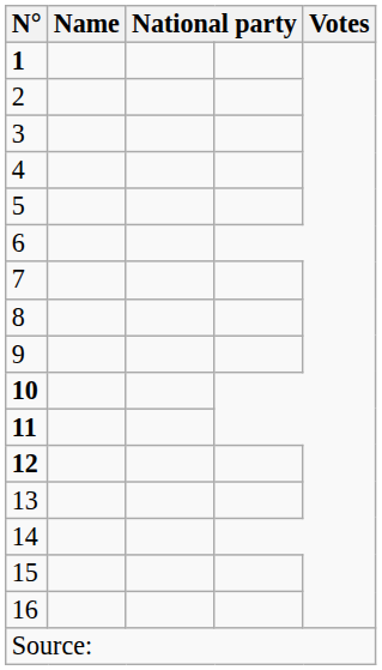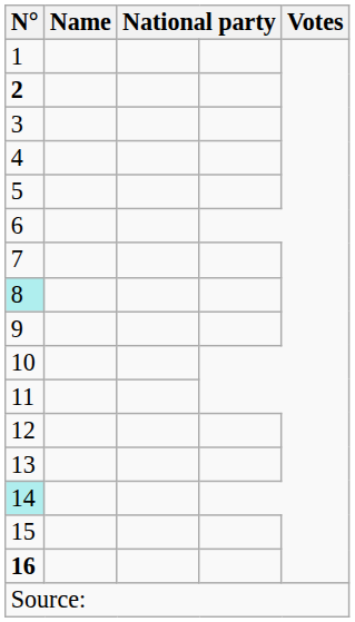 <table class="wikitable sortable" style="font-size:95%;line-height:14px;">
 <tr>
 <th>N°</th>
 <th>Name</th>
 <th colspan="2">National party</th>
 <th>Votes</th>
 </tr>
 <tr>
-<td><strong>1</strong></td>
+<td>1</td>
 <td></td>
 <td></td>
 <td></td>
 </tr>
 <tr>
-<td>2</td>
+<td><strong>2</strong></td>
 <td></td>
 <td></td>
 <td></td>
 </tr>
 <tr>
 <td>3</td>
 <td></td>
 <td></td>
 <td></td>
 </tr>
 <tr>
 <td>4</td>
 <td></td>
 <td></td>
 <td></td>
 </tr>
 <tr>
 <td>5</td>
 <td></td>
 <td></td>
 <td></td>
 </tr>
 <tr>
 <td>6</td>
 <td></td>
 <td></td>
 </tr>
 <tr>
 <td>7</td>
 <td></td>
 <td></td>
 <td></td>
 </tr>
 <tr>
-<td>8</td>
+<td style="background: paleturquoise;">8</td>
 <td></td>
 <td></td>
 <td></td>
 </tr>
 <tr>
 <td>9</td>
 <td></td>
 <td></td>
 <td></td>
 </tr>
 <tr>
-<td><strong>10</strong></td>
+<td>10</td>
 <td></td>
 <td></td>
 </tr>
 <tr>
-<td><strong>11</strong></td>
+<td>11</td>
 <td></td>
 <td></td>
 </tr>
 <tr>
-<td><strong>12</strong></td>
+<td>12</td>
 <td></td>
 <td></td>
 <td></td>
 </tr>
 <tr>
 <td>13</td>
 <td></td>
 <td></td>
 <td></td>
 </tr>
 <tr>
-<td>14</td>
+<td style="background: paleturquoise;">14</td>
 <td></td>
 <td></td>
 </tr>
 <tr>
 <td>15</td>
 <td></td>
 <td></td>
 <td></td>
 </tr>
 <tr>
-<td>16</td>
+<td><strong>16</strong></td>
 <td></td>
 <td></td>
 <td></td>
 </tr>
 <tr>
 <td colspan="5">Source: </td>
 </tr>
 </table>
